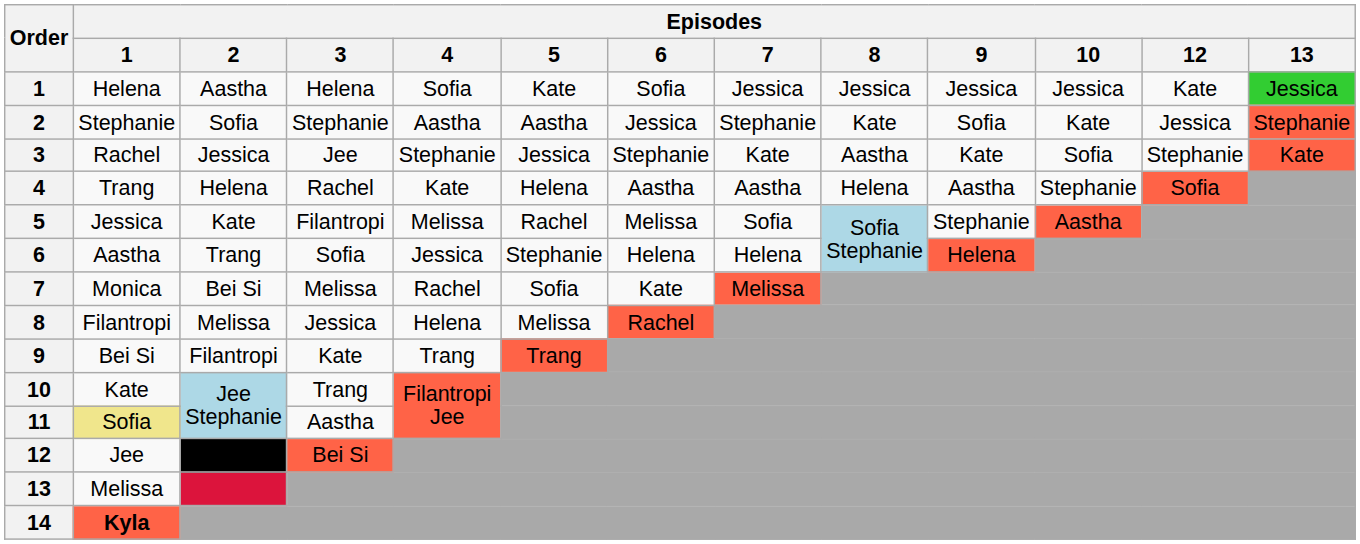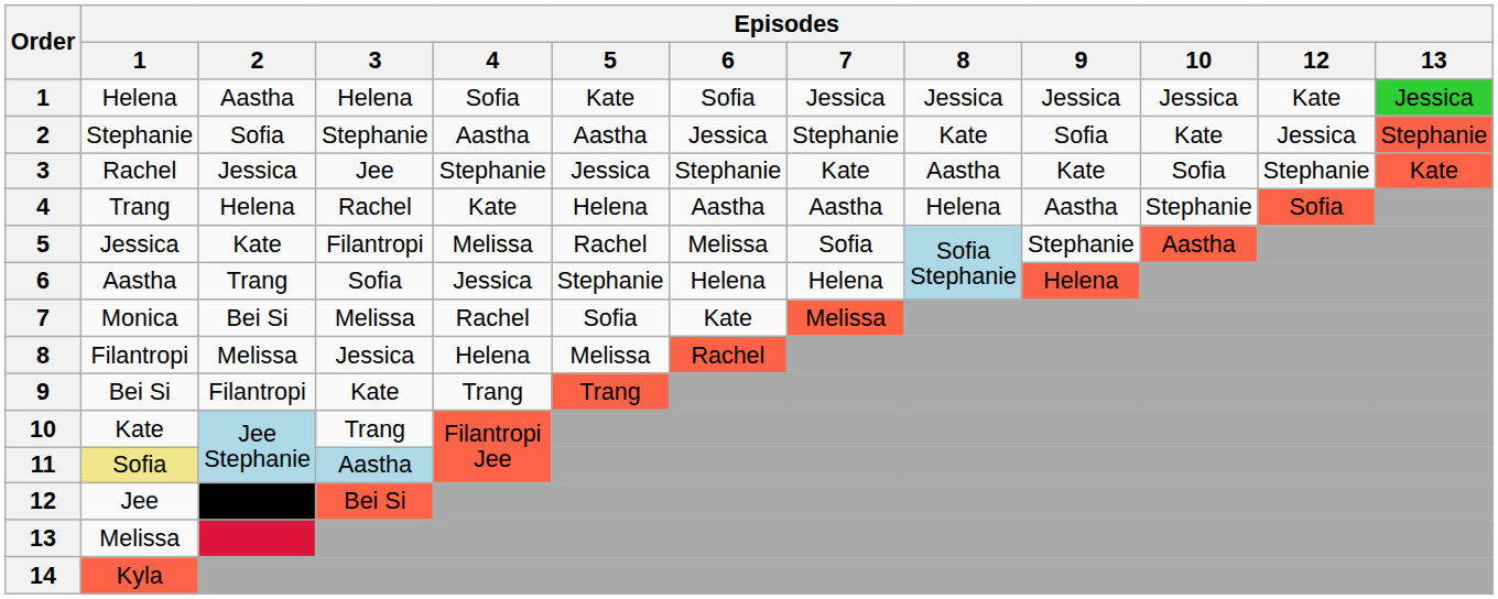 <table class="wikitable" style="text-align:center; font-size:92%">
 <tr>
 <th rowspan=2>Order</th>
 <th colspan=13>Episodes</th>
 </tr>
 <tr>
 <th>1</th>
 <th>2</th>
 <th>3</th>
 <th>4</th>
 <th>5</th>
 <th>6</th>
 <th>7</th>
 <th>8</th>
 <th>9</th>
 <th>10</th>
 <th>12</th>
 <th>13</th>
 </tr>
 <tr>
 <th>1</th>
 <td>Helena</td>
 <td>Aastha</td>
 <td>Helena</td>
 <td>Sofia</td>
 <td>Kate</td>
 <td>Sofia</td>
 <td>Jessica</td>
 <td>Jessica</td>
 <td>Jessica</td>
 <td>Jessica</td>
 <td>Kate</td>
 <td style="background:limegreen;">Jessica</td>
 </tr>
 <tr>
 <th>2</th>
 <td>Stephanie</td>
 <td>Sofia</td>
 <td>Stephanie</td>
 <td>Aastha</td>
 <td>Aastha</td>
 <td>Jessica</td>
 <td>Stephanie</td>
 <td>Kate</td>
 <td>Sofia</td>
 <td>Kate</td>
 <td>Jessica</td>
 <td style="background:tomato;">Stephanie</td>
 </tr>
 <tr>
 <th>3</th>
 <td>Rachel</td>
 <td>Jessica</td>
 <td>Jee</td>
 <td>Stephanie</td>
 <td>Jessica</td>
 <td>Stephanie</td>
 <td>Kate</td>
 <td>Aastha</td>
 <td>Kate</td>
 <td>Sofia</td>
 <td>Stephanie</td>
 <td style="background:tomato;">Kate</td>
 </tr>
 <tr>
 <th>4</th>
 <td>Trang</td>
 <td>Helena</td>
 <td>Rachel</td>
 <td>Kate</td>
 <td>Helena</td>
 <td>Aastha</td>
 <td>Aastha</td>
 <td>Helena</td>
 <td>Aastha</td>
 <td>Stephanie</td>
 <td style="background:tomato;">Sofia</td>
 <td style="background:darkgray;" colspan="1"></td>
 </tr>
 <tr>
 <th>5</th>
 <td>Jessica</td>
 <td>Kate</td>
 <td>Filantropi</td>
 <td>Melissa</td>
 <td>Rachel</td>
 <td>Melissa</td>
 <td>Sofia</td>
 <td style="background:lightblue;" rowspan="2">Sofia<br>Stephanie</td>
 <td>Stephanie</td>
 <td style="background:tomato;">Aastha</td>
 <td style="background:darkgray;" colspan="5"></td>
 </tr>
 <tr>
 <th>6</th>
 <td>Aastha</td>
 <td>Trang</td>
 <td>Sofia</td>
 <td>Jessica</td>
 <td>Stephanie</td>
 <td>Helena</td>
 <td>Helena</td>
 <td style="background:tomato;">Helena</td>
 <td style="background:darkgray;" colspan="6"></td>
 </tr>
 <tr>
 <th>7</th>
 <td>Monica</td>
 <td>Bei Si</td>
 <td>Melissa</td>
 <td>Rachel</td>
 <td>Sofia</td>
 <td>Kate</td>
 <td style="background:tomato;">Melissa</td>
 <td style="background:darkgray;" colspan="7"></td>
 </tr>
 <tr>
 <th>8</th>
 <td>Filantropi</td>
 <td>Melissa</td>
 <td>Jessica</td>
 <td>Helena</td>
 <td>Melissa</td>
 <td style="background:tomato;">Rachel</td>
 <td colspan="8" style="background:darkgray;"></td>
 </tr>
 <tr>
 <th>9</th>
 <td>Bei Si</td>
 <td>Filantropi</td>
 <td>Kate</td>
 <td>Trang</td>
 <td style="background:tomato;">Trang</td>
 <td style="background:darkgray;" colspan="9"></td>
 </tr>
 <tr>
 <th>10</th>
 <td>Kate</td>
 <td style="background:lightblue;" rowspan="2">Jee<br>Stephanie</td>
 <td>Trang</td>
 <td style="background:tomato;" rowspan="2">Filantropi<br>Jee</td>
 <td colspan="10" style="background:darkgray;"></td>
 </tr>
 <tr>
 <th>11</th>
 <td style="background: khaki;">Sofia</td>
-<td>Aastha</td>
+<td style="background: lightblue;">Aastha</td>
 <td style="background:darkgray;" colspan="11"></td>
 </tr>
 <tr>
 <th>12</th>
 <td>Jee</td>
 <td style="background:black;"></td>
 <td style="background:tomato;">Bei Si</td>
 <td style="background:darkgray;" colspan="12"></td>
 </tr>
 <tr>
 <th>13</th>
 <td>Melissa</td>
 <td style="background:crimson;"></td>
 <td colspan="13" style="background:darkgray;"></td>
 </tr>
 <tr>
 <th>14</th>
-<td style="background:tomato;"><strong>Kyla</strong></td>
+<td style="background:tomato;">Kyla</td>
 <td style="background:darkgray;" colspan="14"></td>
 </tr>
 </table>
